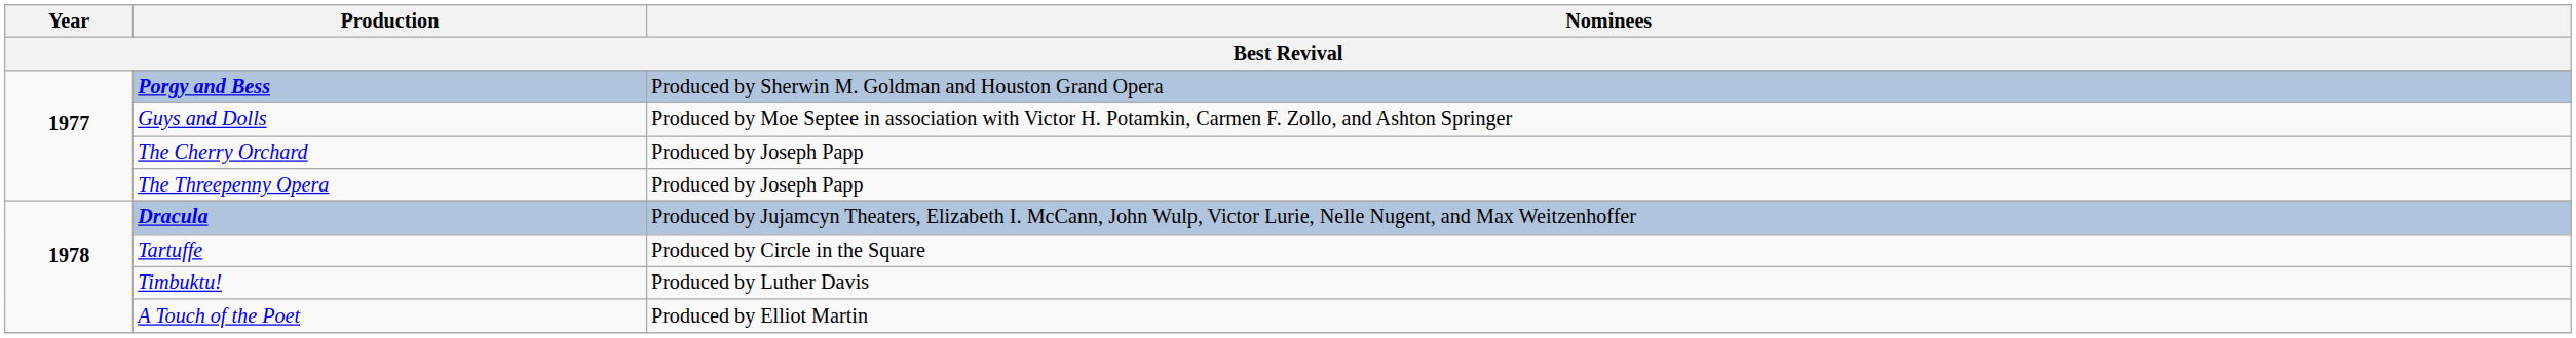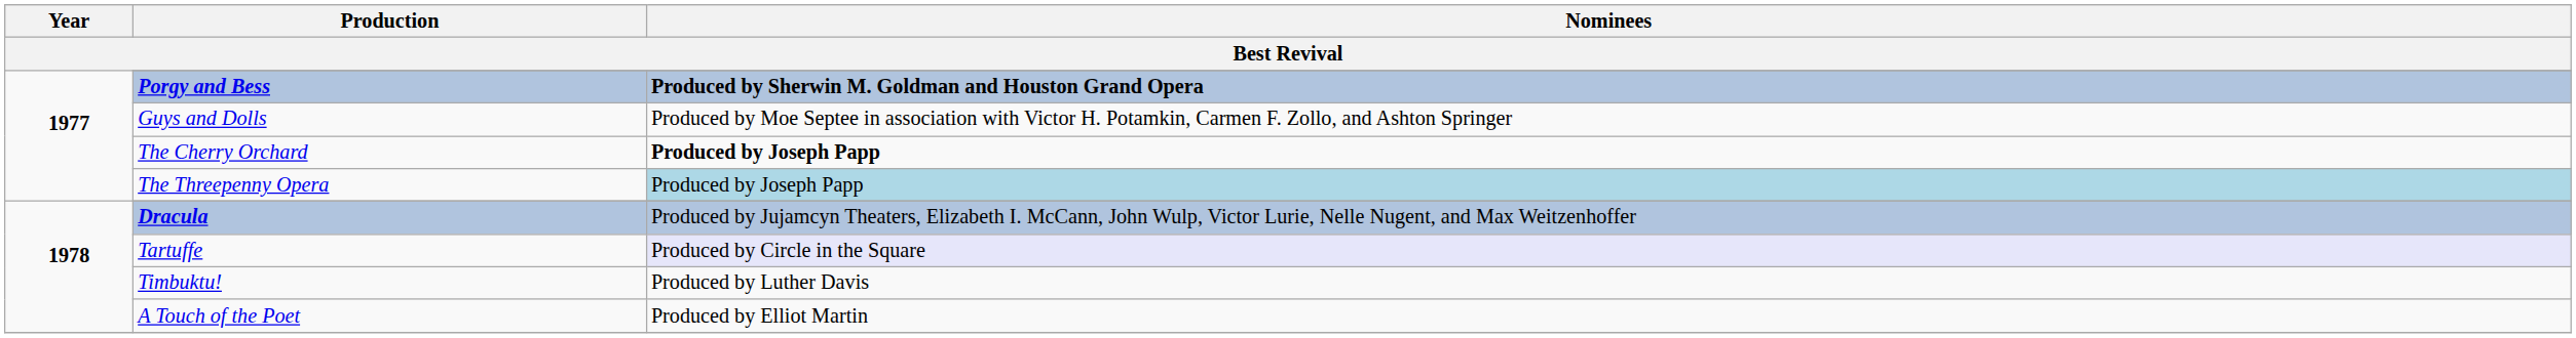 <table class="wikitable" style="width:100%;">
 <tr style="background:#bebebe;">
 <th style="width:5%;">Year</th>
 <th style="width:20%;">Production</th>
 <th style="width:75%;">Nominees</th>
 </tr>
 <tr>
 <th colspan="5">Best Revival</th>
 </tr>
 <tr>
 <td rowspan="5" align="center"><strong>1977</strong><br><br></td>
 </tr>
 <tr style="background:#B0C4DE">
 <td><strong><em><a href='#'>Porgy and Bess</a></em></strong></td>
-<td>Produced by Sherwin M. Goldman and Houston Grand Opera</td>
+<td><strong>Produced by Sherwin M. Goldman and Houston Grand Opera</strong></td>
 </tr>
 <tr>
 <td><em><a href='#'>Guys and Dolls</a></em></td>
 <td>Produced by Moe Septee in association with Victor H. Potamkin, Carmen F. Zollo, and Ashton Springer</td>
 </tr>
 <tr>
 <td><em><a href='#'>The Cherry Orchard</a></em></td>
-<td>Produced by Joseph Papp</td>
+<td><strong>Produced by Joseph Papp</strong></td>
 </tr>
 <tr>
 <td><em><a href='#'>The Threepenny Opera</a></em></td>
-<td>Produced by Joseph Papp</td>
+<td style="background: lightblue;">Produced by Joseph Papp</td>
 </tr>
 <tr>
 <td rowspan="5" align="center"><strong>1978</strong><br><br></td>
 </tr>
 <tr style="background:#B0C4DE">
 <td><strong><em><a href='#'>Dracula</a></em></strong></td>
 <td>Produced by Jujamcyn Theaters, Elizabeth I. McCann, John Wulp, Victor Lurie, Nelle Nugent, and Max Weitzenhoffer</td>
 </tr>
 <tr>
 <td><em><a href='#'>Tartuffe</a></em></td>
-<td>Produced by Circle in the Square</td>
+<td style="background: lavender;">Produced by Circle in the Square</td>
 </tr>
 <tr>
 <td><em><a href='#'>Timbuktu!</a></em></td>
 <td>Produced by Luther Davis</td>
 </tr>
 <tr>
 <td><em><a href='#'>A Touch of the Poet</a></em></td>
 <td>Produced by Elliot Martin</td>
 </tr>
 <tr>
 </tr>
 </table>
